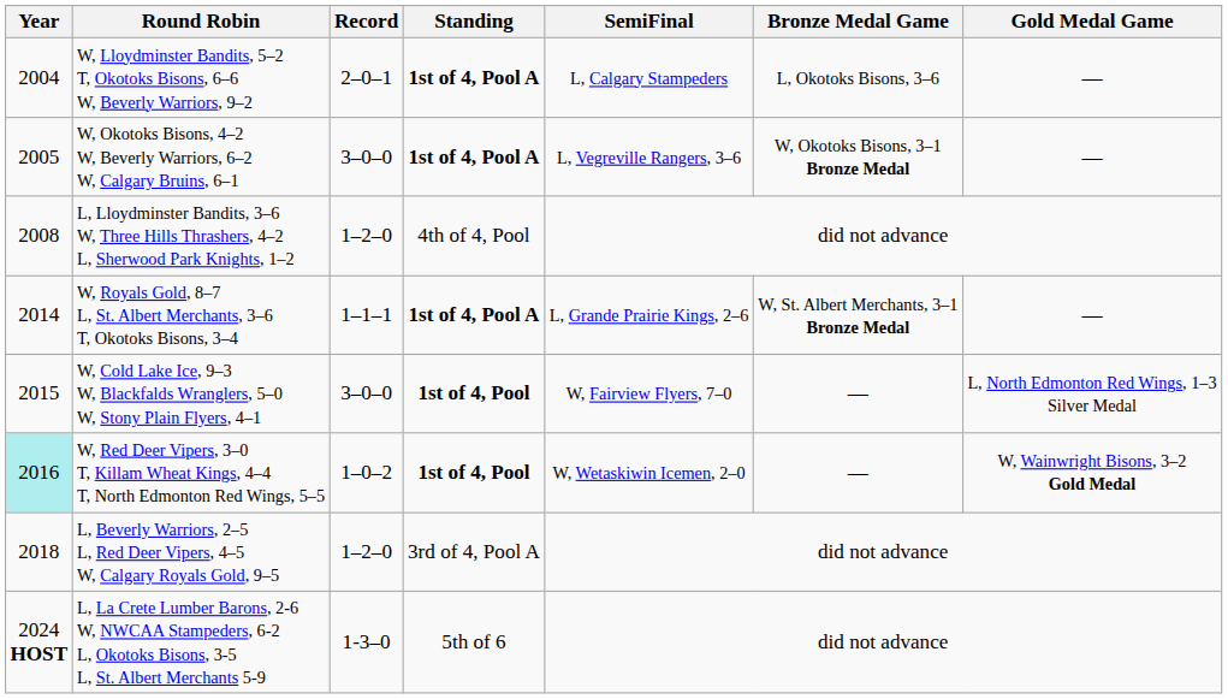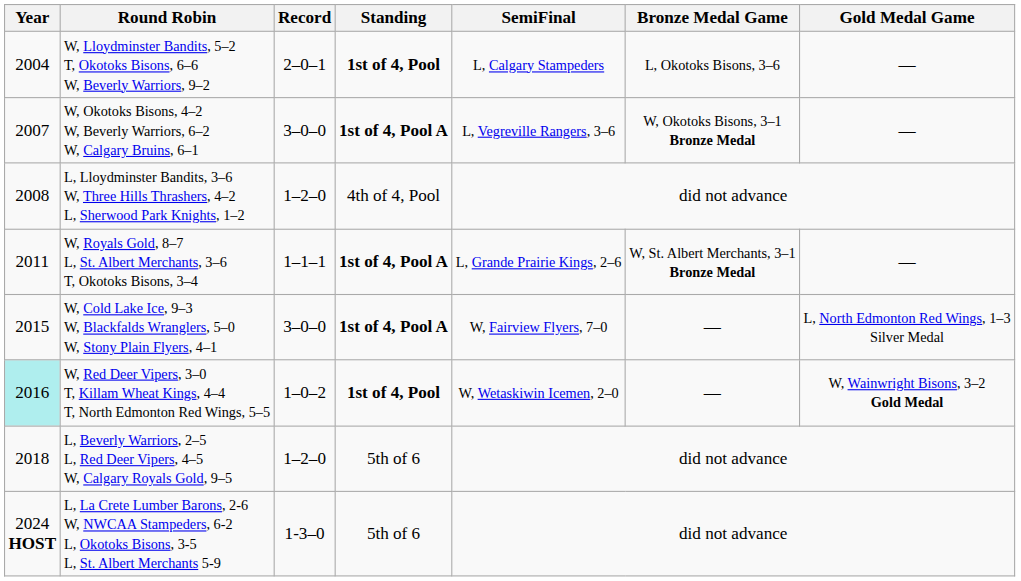 <table class="wikitable" style="text-align:center">
 <tr>
 <th>Year</th>
 <th>Round Robin</th>
 <th>Record</th>
 <th>Standing</th>
 <th>SemiFinal</th>
 <th>Bronze Medal Game</th>
 <th>Gold Medal Game</th>
 </tr>
 <tr>
 <td>2004</td>
 <td align=left><small> W, <a href='#'>Lloydminster Bandits</a>, 5–2<br>T, <a href='#'>Okotoks Bisons</a>, 6–6<br>W, <a href='#'>Beverly Warriors</a>, 9–2</small></td>
 <td>2–0–1</td>
-<td><strong>1st of 4, Pool A</strong></td>
+<td><strong>1st of 4, Pool</strong></td>
 <td><small> L, <a href='#'>Calgary Stampeders</a></small></td>
 <td><small>L, Okotoks Bisons, 3–6</small></td>
 <td>—</td>
 </tr>
 <tr>
-<td>2005</td>
+<td>2007</td>
 <td align=left><small> W, Okotoks Bisons, 4–2<br>W, Beverly Warriors, 6–2<br>W, <a href='#'>Calgary Bruins</a>, 6–1</small></td>
 <td>3–0–0</td>
 <td><strong>1st of 4, Pool A</strong></td>
 <td><small> L, <a href='#'>Vegreville Rangers</a>, 3–6</small></td>
 <td><small>W, Okotoks Bisons, 3–1<br> <strong>Bronze Medal</strong></small></td>
 <td>—</td>
 </tr>
 <tr>
 <td>2008</td>
 <td align=left><small> L, Lloydminster Bandits, 3–6<br>W, <a href='#'>Three Hills Thrashers</a>, 4–2<br>L, <a href='#'>Sherwood Park Knights</a>, 1–2</small></td>
 <td>1–2–0</td>
 <td>4th of 4, Pool</td>
 <td colspan=3>did not advance</td>
 </tr>
 <tr>
-<td>2014</td>
+<td>2011</td>
 <td align=left><small> W, <a href='#'>Royals Gold</a>, 8–7<br>L, <a href='#'>St. Albert Merchants</a>, 3–6<br>T, Okotoks Bisons, 3–4</small></td>
 <td>1–1–1</td>
 <td><strong>1st of 4, Pool A</strong></td>
 <td><small> L, <a href='#'>Grande Prairie Kings</a>, 2–6</small></td>
 <td><small>W, St. Albert Merchants, 3–1<br><strong>Bronze Medal</strong></small></td>
 <td>—</td>
 </tr>
 <tr>
 <td>2015</td>
 <td align=left><small>W, <a href='#'>Cold Lake Ice</a>, 9–3<br>W, <a href='#'>Blackfalds Wranglers</a>, 5–0<br>W, <a href='#'>Stony Plain Flyers</a>, 4–1</small></td>
 <td>3–0–0</td>
-<td><strong>1st of 4, Pool</strong></td>
+<td><strong>1st of 4, Pool A</strong></td>
 <td><small>W, <a href='#'>Fairview Flyers</a>, 7–0</small></td>
 <td>—</td>
 <td><small>L, <a href='#'>North Edmonton Red Wings</a>, 1–3<br>Silver Medal</small></td>
 </tr>
 <tr>
 <td style="background: paleturquoise;">2016</td>
 <td align=left><small> W, <a href='#'>Red Deer Vipers</a>, 3–0<br>T, <a href='#'>Killam Wheat Kings</a>, 4–4<br>T, North Edmonton Red Wings, 5–5</small></td>
 <td>1–0–2</td>
 <td><strong>1st of 4, Pool</strong></td>
 <td><small>W, <a href='#'>Wetaskiwin Icemen</a>, 2–0</small></td>
 <td>—</td>
 <td><small>W, <a href='#'>Wainwright Bisons</a>, 3–2<br> <strong>Gold Medal</strong></small></td>
 </tr>
 <tr>
 <td>2018</td>
 <td align=left><small>L, <a href='#'>Beverly Warriors</a>, 2–5<br> L, <a href='#'>Red Deer Vipers</a>, 4–5<br> W, <a href='#'>Calgary Royals Gold</a>, 9–5</small></td>
 <td>1–2–0</td>
-<td>3rd of 4, Pool A</td>
+<td>5th of 6</td>
 <td colspan=3>did not advance</td>
 </tr>
 <tr>
 <td>2024 <br><strong>HOST</strong></td>
 <td align=left><small>L, <a href='#'>La Crete Lumber Barons</a>, 2-6<br> W, <a href='#'>NWCAA Stampeders</a>, 6-2<br> L, <a href='#'>Okotoks Bisons</a>, 3-5<br>L, <a href='#'>St. Albert Merchants</a> 5-9</small></td>
 <td>1-3–0</td>
 <td>5th of 6</td>
 <td colspan=3>did not advance</td>
 </tr>
 </table>
